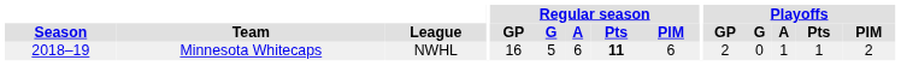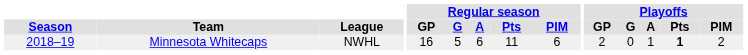 <table border="0" cellpadding="1" cellspacing="0" style="text-align:center; width:60em">
 <tr bgcolor="#e0e0e0">
 <th colspan="3" bgcolor="#ffffff"></th>
 <th rowspan="99" bgcolor="#ffffff"></th>
 <th colspan="5"><a href='#'>Regular season</a></th>
 <th rowspan="99" bgcolor="#ffffff"></th>
 <th colspan="5"><a href='#'>Playoffs</a></th>
 </tr>
 <tr bgcolor="#e0e0e0">
 <th><a href='#'>Season</a></th>
 <th>Team</th>
 <th>League</th>
 <th>GP</th>
 <th><a href='#'>G</a></th>
 <th><a href='#'>A</a></th>
 <th><a href='#'>Pts</a></th>
 <th><a href='#'>PIM</a></th>
 <th>GP</th>
 <th>G</th>
 <th>A</th>
 <th>Pts</th>
 <th>PIM</th>
 </tr>
 <tr bgcolor="#f0f0f0">
 <td><a href='#'>2018–19</a></td>
 <td><a href='#'>Minnesota Whitecaps</a></td>
 <td>NWHL</td>
 <td>16</td>
 <td>5</td>
 <td>6</td>
-<td><strong>11</strong></td>
+<td>11</td>
 <td>6</td>
 <td>2</td>
 <td>0</td>
 <td>1</td>
-<td>1</td>
+<td><strong>1</strong></td>
 <td>2</td>
 </tr>
 </table>
